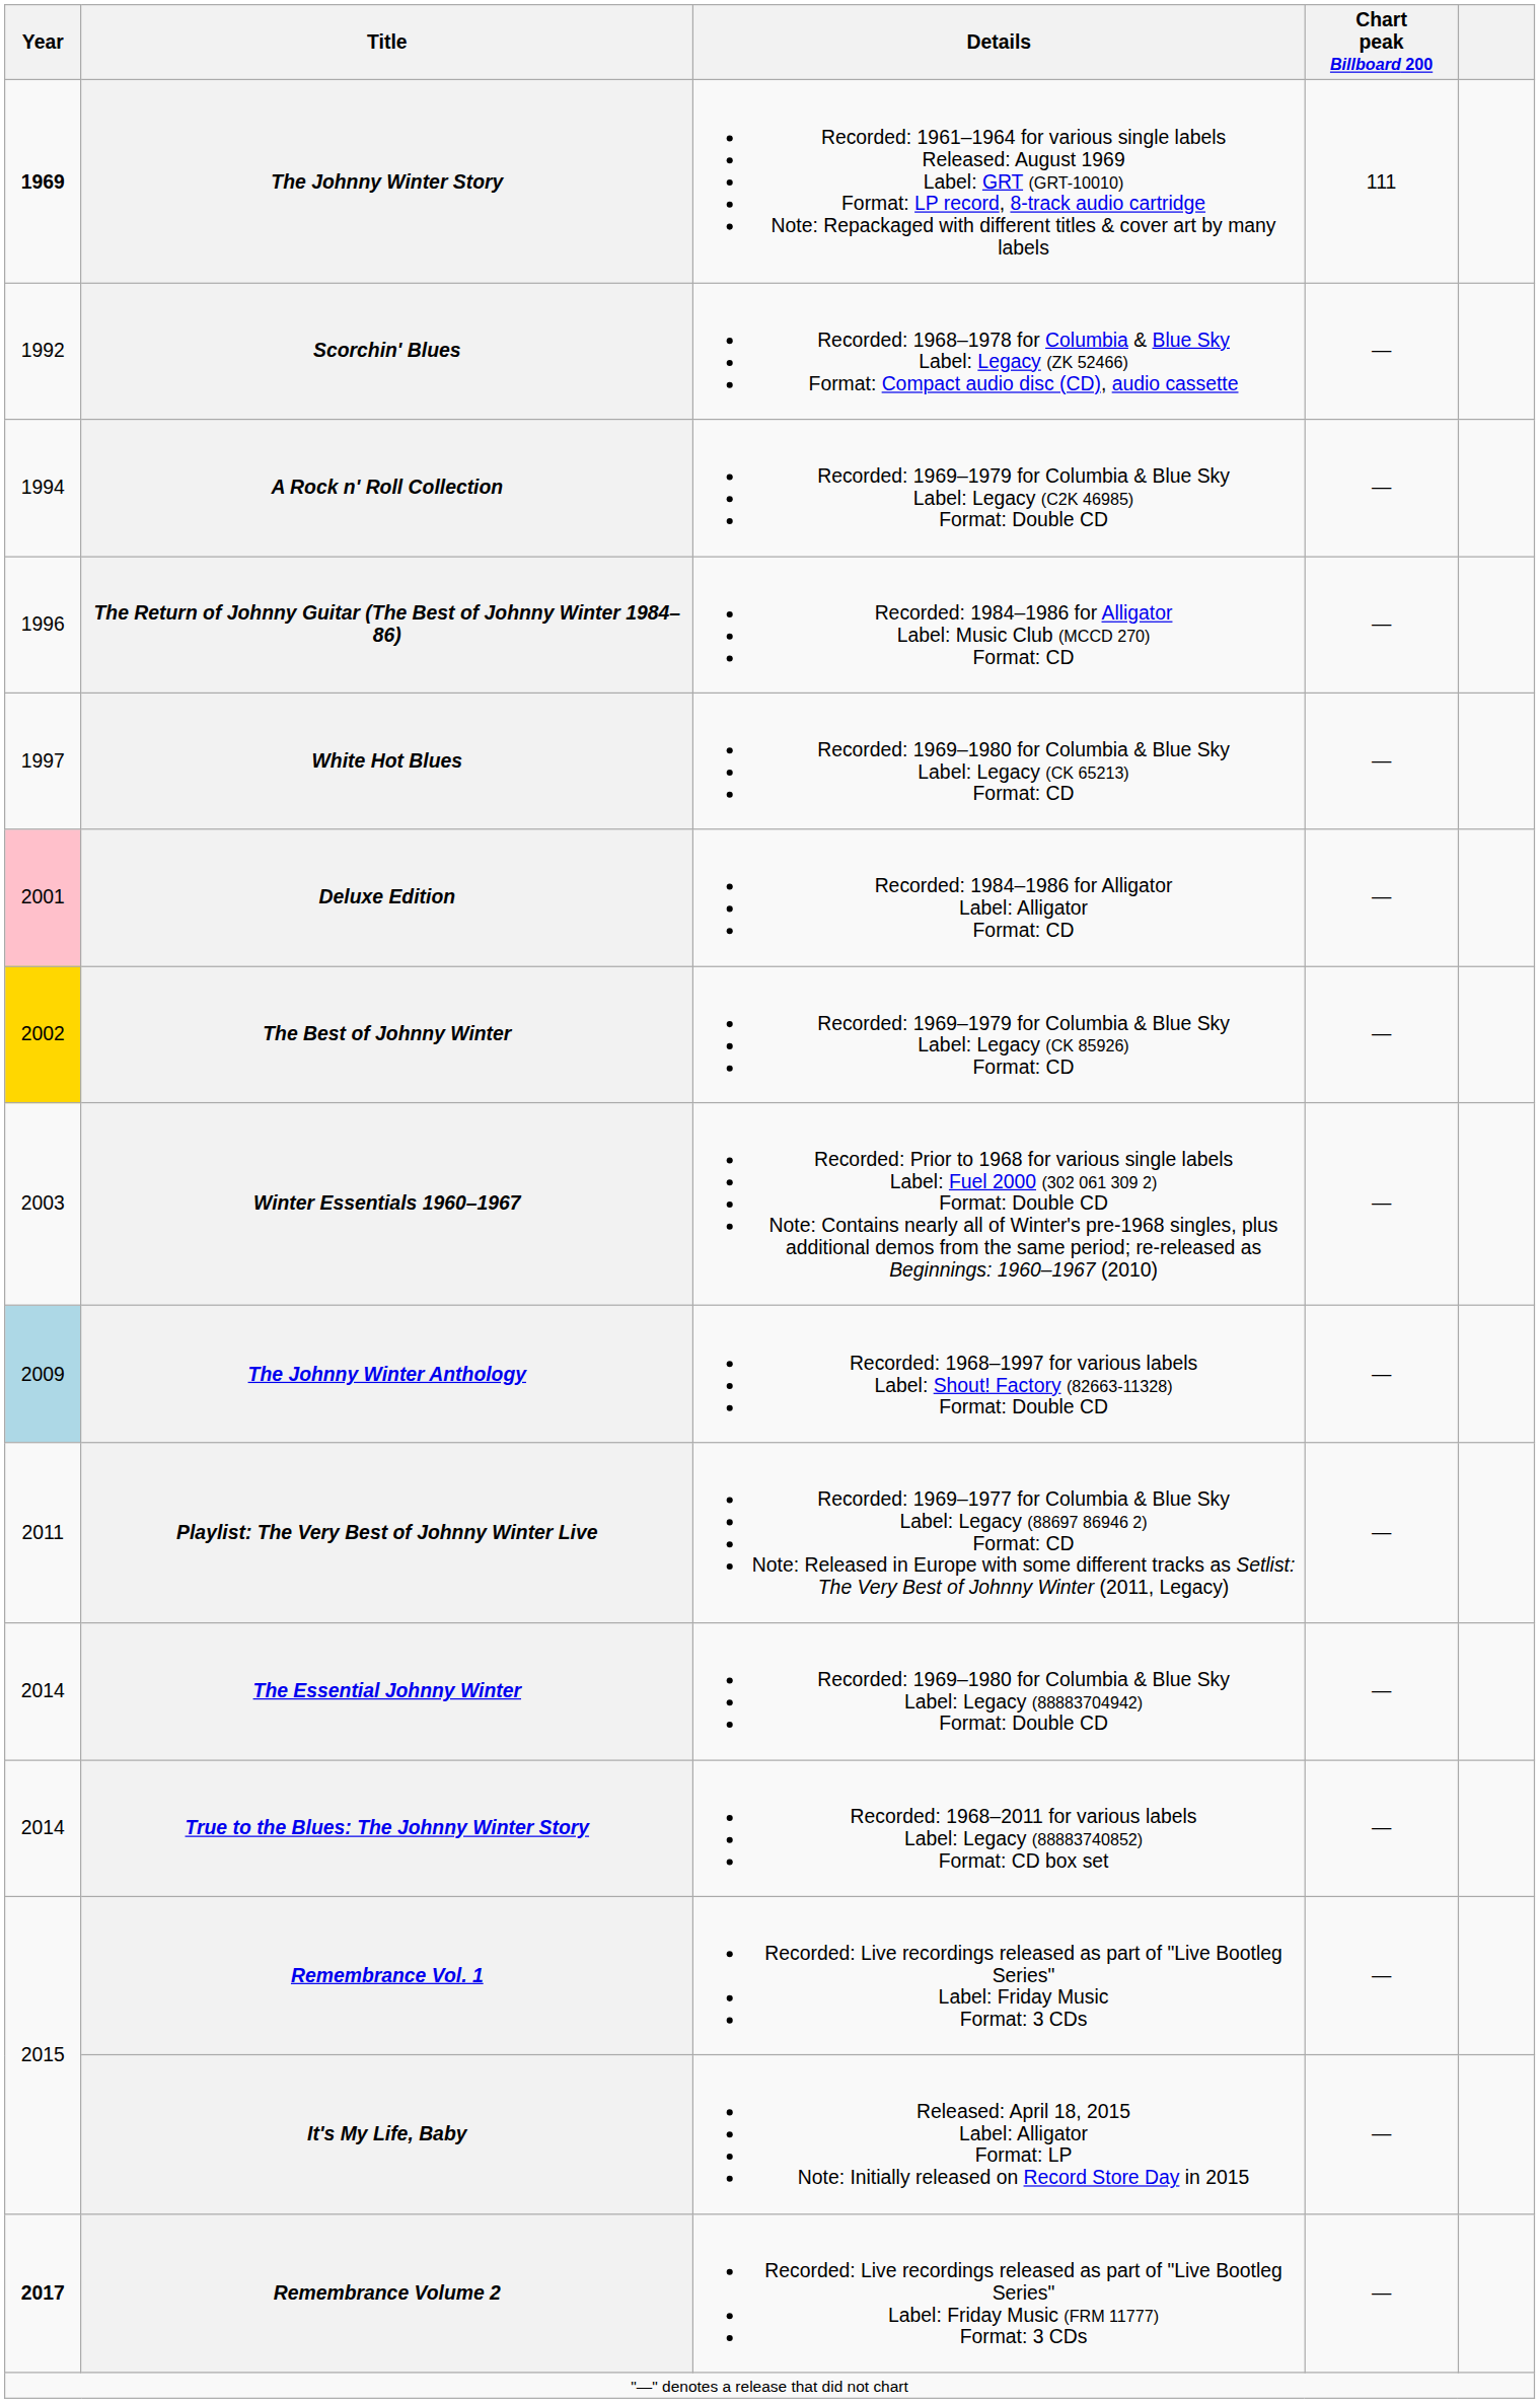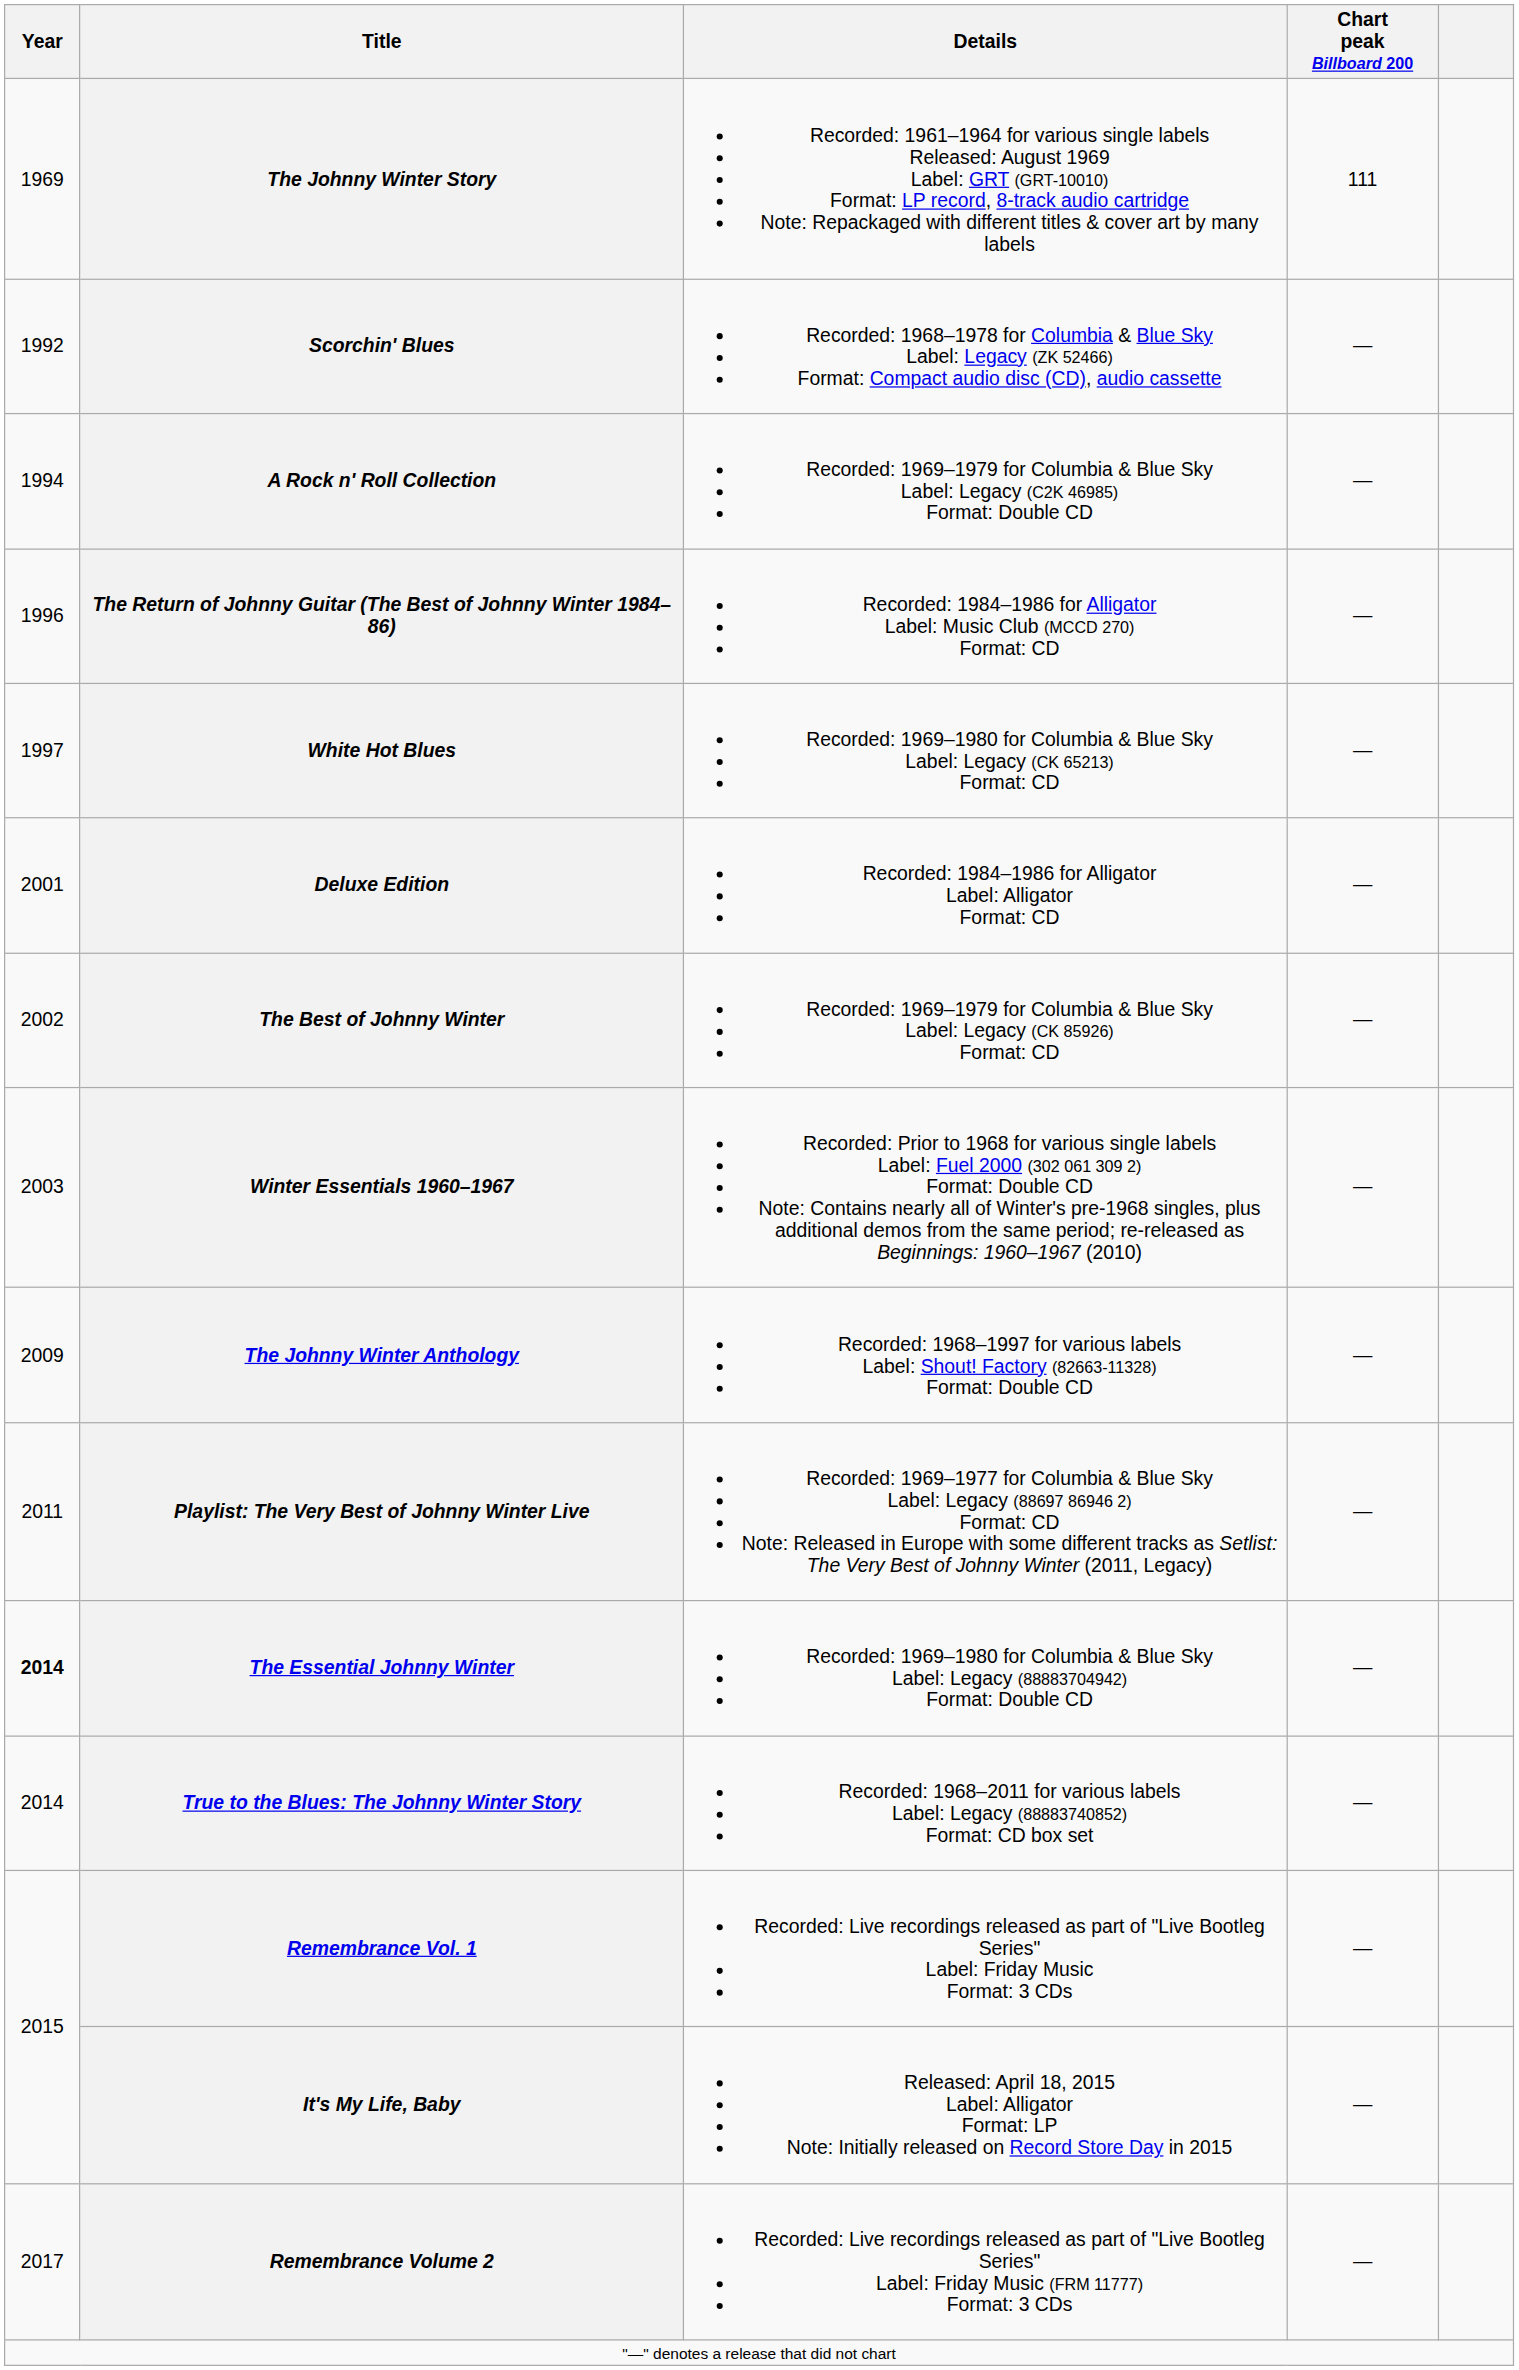 <table class="wikitable plainrowheaders" style="text-align:center;">
 <tr>
 <th scope="col" width=5%>Year</th>
 <th scope="col" width=40%>Title</th>
 <th scope="col" width=40%>Details</th>
 <th scope="col" width=10%>Chart<br>peak<br><small><a href='#'><em>Billboard</em> 200</a></small></th>
 <th scope="col" width=5%></th>
 </tr>
 <tr>
-<td><strong>1969</strong></td>
+<td>1969</td>
 <th scope="row"><em>The Johnny Winter Story</em></th>
 <td><br><ul><li>Recorded:  1961–1964 for various single labels</li><li>Released: August 1969</li><li>Label: <a href='#'>GRT</a> <small>(GRT-10010)</small></li><li>Format: <a href='#'>LP record</a>, <a href='#'>8-track audio cartridge</a></li><li>Note: Repackaged with different titles & cover art by many labels</li></ul></td>
 <td>111</td>
 <td></td>
 </tr>
 <tr>
 <td>1992</td>
 <th scope="row"><em>Scorchin' Blues</em></th>
 <td><br><ul><li>Recorded: 1968–1978 for <a href='#'>Columbia</a> & <a href='#'>Blue Sky</a></li><li>Label: <a href='#'>Legacy</a> <small>(ZK 52466)</small></li><li>Format: <a href='#'>Compact audio disc (CD)</a>, <a href='#'>audio cassette</a></li></ul></td>
 <td>—</td>
 <td></td>
 </tr>
 <tr>
 <td>1994</td>
 <th scope="row"><em>A Rock n' Roll Collection</em></th>
 <td><br><ul><li>Recorded: 1969–1979 for Columbia & Blue Sky</li><li>Label: Legacy <small>(C2K 46985)</small></li><li>Format: Double CD</li></ul></td>
 <td>—</td>
 <td></td>
 </tr>
 <tr>
 <td>1996</td>
 <th scope="row"><em>The Return of Johnny Guitar (The Best of Johnny Winter 1984–86)</em></th>
 <td><br><ul><li>Recorded: 1984–1986 for <a href='#'>Alligator</a></li><li>Label: Music Club <small>(MCCD 270)</small></li><li>Format: CD</li></ul></td>
 <td>—</td>
 <td></td>
 </tr>
 <tr>
 <td>1997</td>
 <th scope="row"><em>White Hot Blues</em></th>
 <td><br><ul><li>Recorded: 1969–1980 for Columbia & Blue Sky</li><li>Label: Legacy <small>(CK 65213)</small></li><li>Format: CD</li></ul></td>
 <td>—</td>
 <td></td>
 </tr>
 <tr>
-<td style="background: pink;">2001</td>
+<td>2001</td>
 <th scope="row"><em>Deluxe Edition</em></th>
 <td><br><ul><li>Recorded: 1984–1986 for Alligator</li><li>Label: Alligator <small></small></li><li>Format: CD</li></ul></td>
 <td>—</td>
 <td></td>
 </tr>
 <tr>
-<td style="background: gold;">2002</td>
+<td>2002</td>
 <th scope="row"><em>The Best of Johnny Winter</em></th>
 <td><br><ul><li>Recorded: 1969–1979 for Columbia & Blue Sky</li><li>Label: Legacy <small>(CK 85926)</small></li><li>Format: CD</li></ul></td>
 <td>—</td>
 <td></td>
 </tr>
 <tr>
 <td>2003</td>
 <th scope="row"><em>Winter Essentials 1960–1967</em></th>
 <td><br><ul><li>Recorded: Prior to 1968 for various single labels</li><li>Label: <a href='#'>Fuel 2000</a> <small>(302 061 309 2)</small></li><li>Format: Double CD</li><li>Note: Contains nearly all of Winter's pre-1968 singles, plus additional demos from the same period; re-released as <em>Beginnings: 1960–1967</em> (2010)</li></ul></td>
 <td>—</td>
 <td></td>
 </tr>
 <tr>
-<td style="background: lightblue;">2009</td>
+<td>2009</td>
 <th scope="row"><em><a href='#'>The Johnny Winter Anthology</a></em></th>
 <td><br><ul><li>Recorded: 1968–1997 for various labels</li><li>Label: <a href='#'>Shout! Factory</a> <small>(82663-11328)</small></li><li>Format: Double CD</li></ul></td>
 <td>—</td>
 <td></td>
 </tr>
 <tr>
 <td>2011</td>
 <th scope="row"><em>Playlist: The Very Best of Johnny Winter Live</em></th>
 <td><br><ul><li>Recorded: 1969–1977 for Columbia & Blue Sky</li><li>Label: Legacy <small>(88697 86946 2)</small></li><li>Format: CD</li><li>Note: Released in Europe with some different tracks as <em>Setlist: The Very Best of Johnny Winter</em> (2011, Legacy)</li></ul></td>
 <td>—</td>
 <td></td>
 </tr>
 <tr>
-<td>2014</td>
+<td><strong>2014</strong></td>
 <th scope="row"><em><a href='#'>The Essential Johnny Winter</a></em></th>
 <td><br><ul><li>Recorded: 1969–1980 for Columbia & Blue Sky</li><li>Label: Legacy <small>(88883704942)</small></li><li>Format: Double CD</li></ul></td>
 <td>—</td>
 <td></td>
 </tr>
 <tr>
 <td>2014</td>
 <th scope="row"><em><a href='#'>True to the Blues: The Johnny Winter Story</a></em></th>
 <td><br><ul><li>Recorded: 1968–2011 for various labels</li><li>Label: Legacy <small>(88883740852)</small></li><li>Format: CD box set</li></ul></td>
 <td>—</td>
 <td></td>
 </tr>
 <tr>
 <td rowspan=2>2015</td>
 <th scope="row"><em><a href='#'>Remembrance Vol. 1</a></em></th>
 <td><br><ul><li>Recorded: Live recordings released as part of "Live Bootleg Series"</li><li>Label: Friday Music <small></small></li><li>Format: 3 CDs</li></ul></td>
 <td>—</td>
 <td></td>
 </tr>
 <tr>
 <th scope="row"><em>It's My Life, Baby</em></th>
 <td><br><ul><li>Released: April 18, 2015</li><li>Label: Alligator <small></small></li><li>Format: LP</li><li>Note: Initially released on <a href='#'>Record Store Day</a> in 2015</li></ul></td>
 <td>—</td>
 <td></td>
 </tr>
 <tr>
-<td><strong>2017</strong></td>
+<td>2017</td>
 <th scope="row"><em>Remembrance Volume 2</em></th>
 <td><br><ul><li>Recorded: Live recordings released as part of "Live Bootleg Series"</li><li>Label: Friday Music <small>(FRM 11777)</small></li><li>Format: 3 CDs</li></ul></td>
 <td>—</td>
 <td></td>
 </tr>
 <tr>
 <td colspan="5" style="font-size: 80%">"—" denotes a release that did not chart</td>
 </tr>
 </table>
